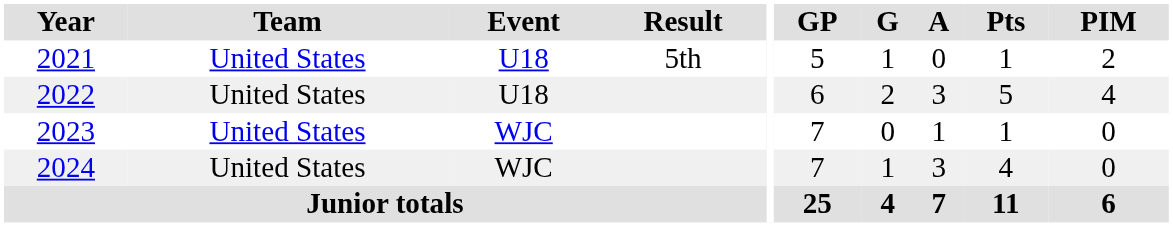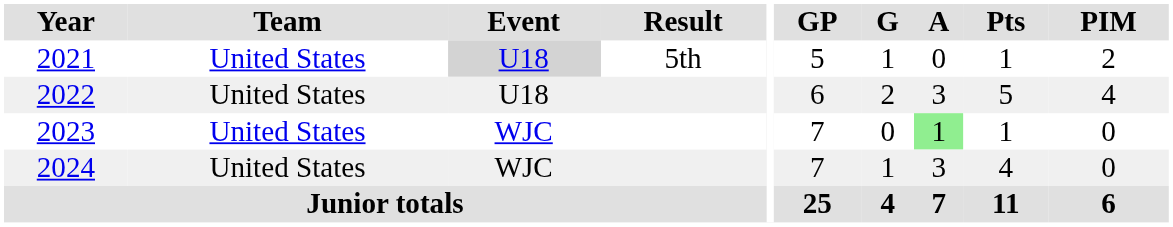 <table border="0" cellpadding="1" cellspacing="0" ID="Table3" style="text-align:center; width:40em">
 <tr bgcolor="#e0e0e0">
 <th>Year</th>
 <th>Team</th>
 <th>Event</th>
 <th>Result</th>
 <th rowspan="99" bgcolor="#ffffff"></th>
 <th>GP</th>
 <th>G</th>
 <th>A</th>
 <th>Pts</th>
 <th>PIM</th>
 </tr>
 <tr>
 <td><a href='#'>2021</a></td>
 <td><a href='#'>United States</a></td>
-<td><a href='#'>U18</a></td>
+<td style="background: lightgrey;"><a href='#'>U18</a></td>
 <td>5th</td>
 <td>5</td>
 <td>1</td>
 <td>0</td>
 <td>1</td>
 <td>2</td>
 </tr>
 <tr bgcolor="#f0f0f0">
 <td><a href='#'>2022</a></td>
 <td>United States</td>
 <td>U18</td>
 <td></td>
 <td>6</td>
 <td>2</td>
 <td>3</td>
 <td>5</td>
 <td>4</td>
 </tr>
 <tr>
 <td><a href='#'>2023</a></td>
 <td><a href='#'>United States</a></td>
 <td><a href='#'>WJC</a></td>
 <td></td>
 <td>7</td>
 <td>0</td>
-<td>1</td>
+<td style="background: lightgreen;">1</td>
 <td>1</td>
 <td>0</td>
 </tr>
 <tr bgcolor="#f0f0f0">
 <td><a href='#'>2024</a></td>
 <td>United States</td>
 <td>WJC</td>
 <td></td>
 <td>7</td>
 <td>1</td>
 <td>3</td>
 <td>4</td>
 <td>0</td>
 </tr>
 <tr bgcolor="#e0e0e0">
 <th colspan="4">Junior totals</th>
 <th>25</th>
 <th>4</th>
 <th>7</th>
 <th>11</th>
 <th>6</th>
 </tr>
 </table>
